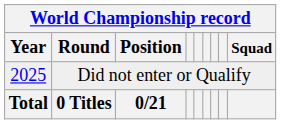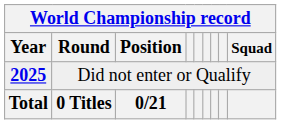 <table class="wikitable" style="text-align: center;">
 <tr>
 <th colspan=9><a href='#'>World Championship record</a></th>
 </tr>
 <tr>
 <th>Year</th>
 <th>Round</th>
 <th>Position</th>
 <th></th>
 <th></th>
 <th></th>
 <th></th>
 <th></th>
 <th><small>Squad</small></th>
 </tr>
 <tr bgcolor="efefef">
-<td> <a href='#'>2025</a></td>
+<td><strong> <a href='#'>2025</a></strong></td>
 <td colspan=8 rowspan=1 align=center>Did not enter or Qualify</td>
 </tr>
 <tr>
 <th>Total</th>
 <th>0 Titles</th>
 <th>0/21</th>
 <th></th>
 <th></th>
 <th></th>
 <th></th>
 <th></th>
 <th></th>
 </tr>
 </table>
